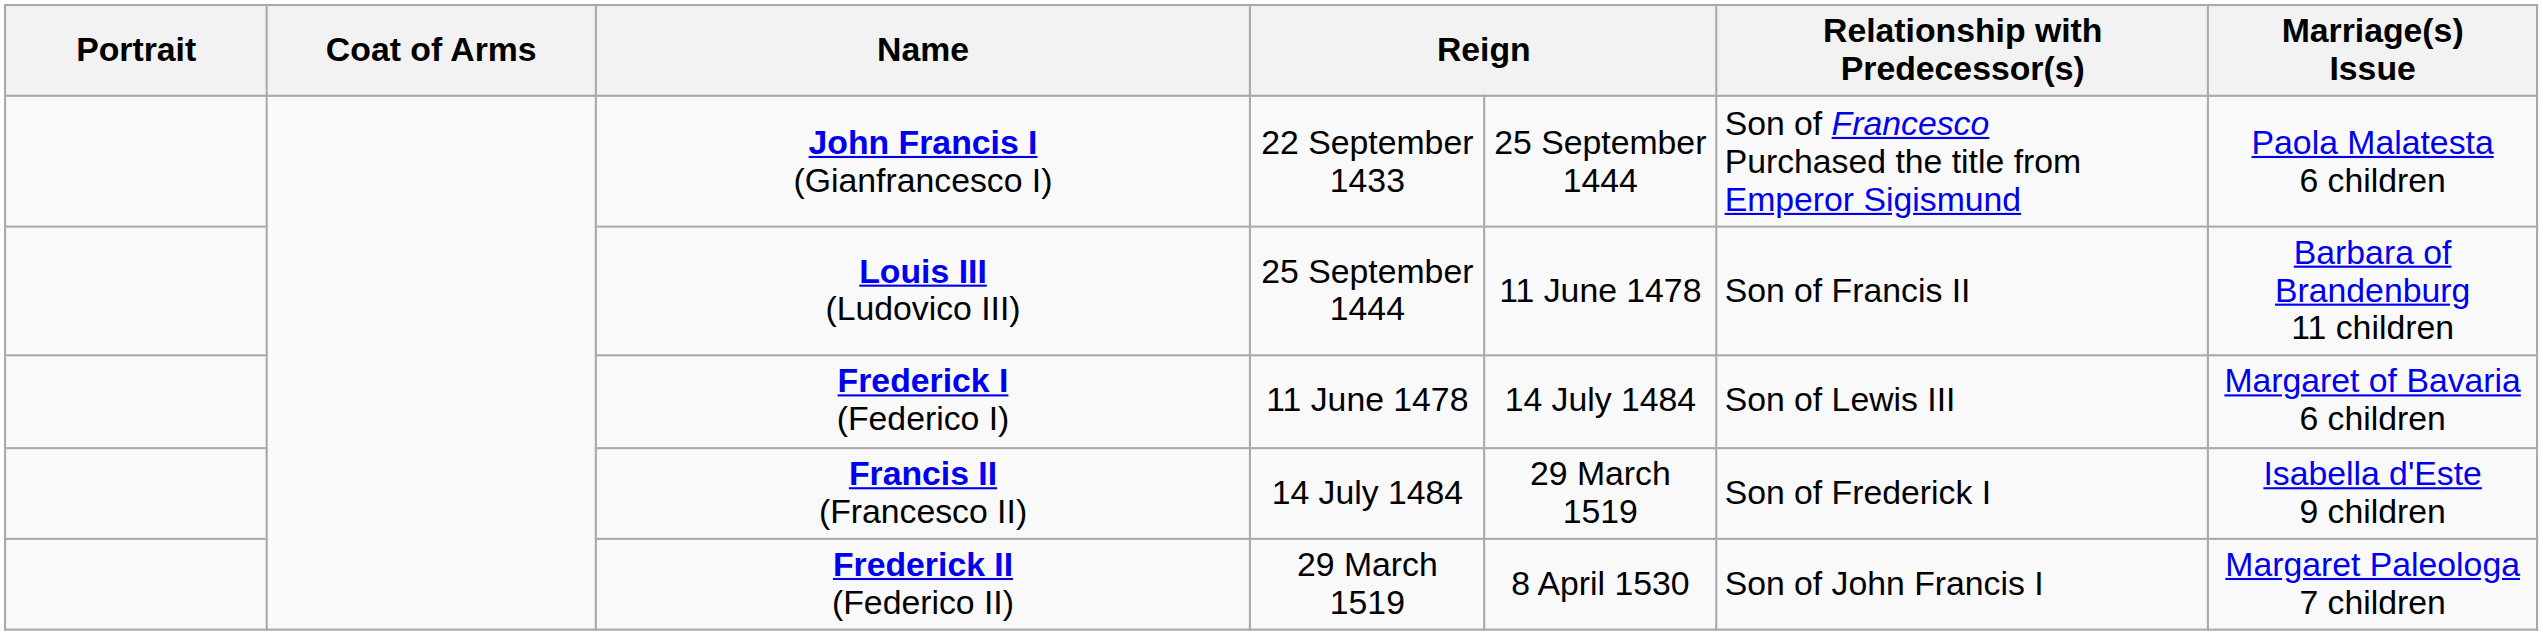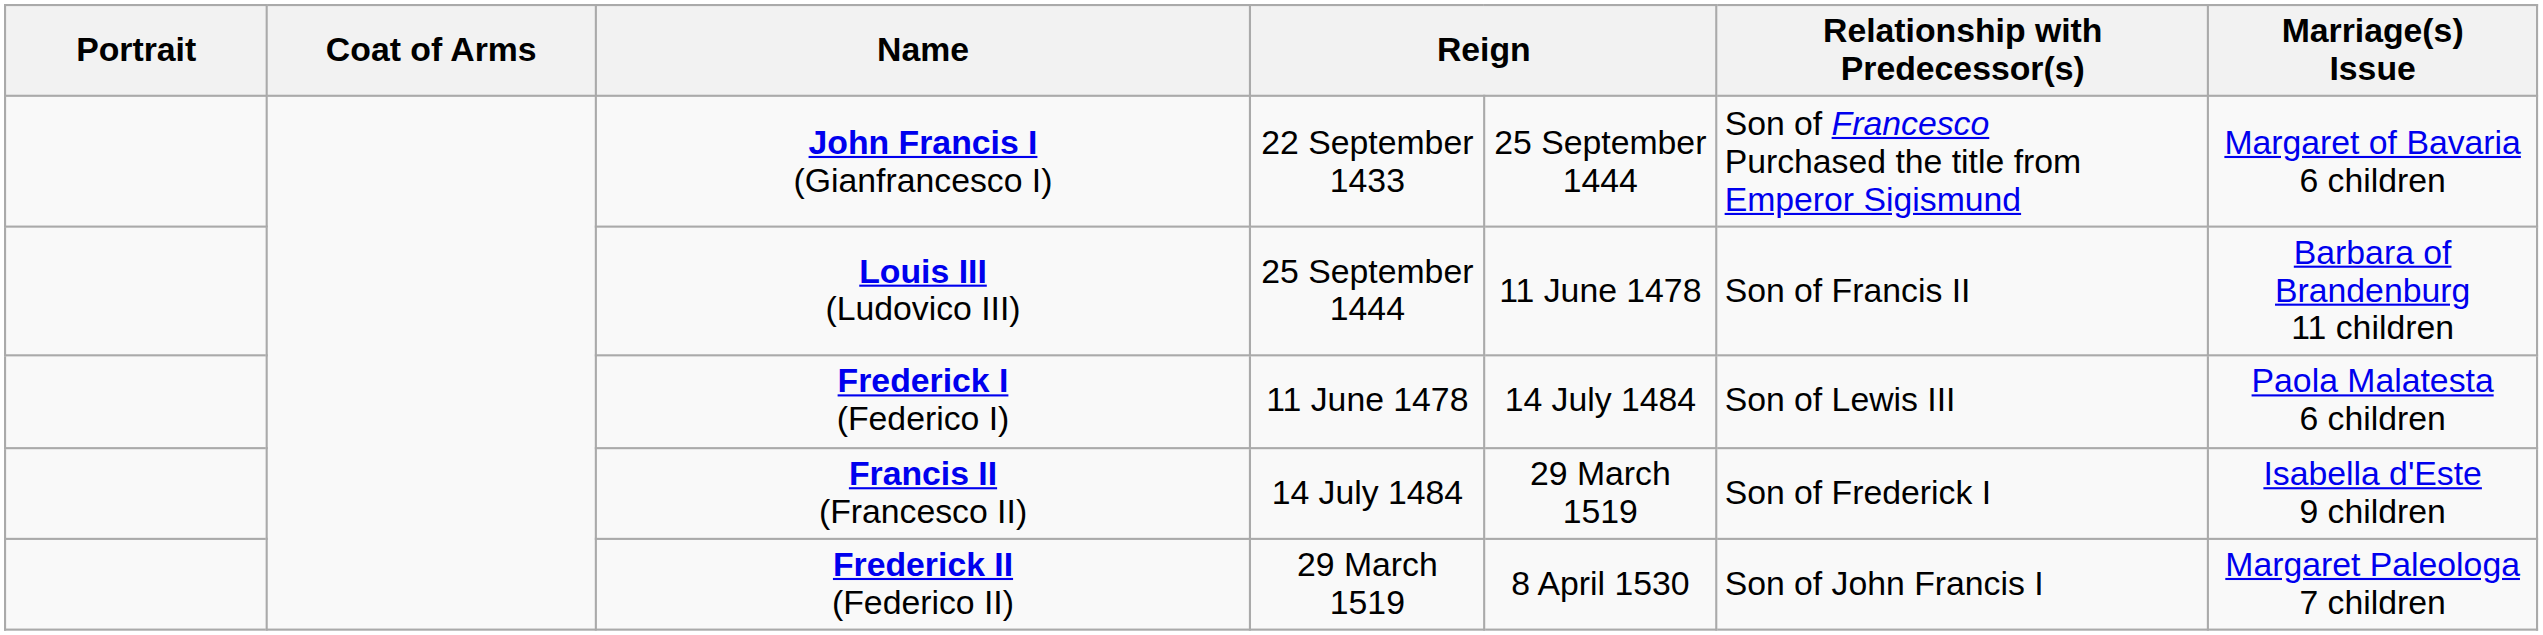 <table width=95% class="wikitable">
 <tr>
 <th width=8%>Portrait</th>
 <th width=10%>Coat of Arms</th>
 <th width=20%>Name</th>
 <th colspan=2 width=14%>Reign</th>
 <th width=15%>Relationship with Predecessor(s)</th>
 <th width=10%>Marriage(s)<br>Issue</th>
 </tr>
 <tr>
 <td align="center"></td>
 <td rowspan=5 align="center"></td>
 <td align="center"><strong><a href='#'>John Francis I</a></strong><br>(Gianfrancesco I)</td>
 <td align="center">22 September 1433</td>
 <td align="center">25 September 1444</td>
 <td>Son of <em><a href='#'>Francesco</a></em><br>Purchased the title from <a href='#'>Emperor Sigismund</a></td>
-<td align="center"><a href='#'>Paola Malatesta</a><br>6 children</td>
+<td align="center"><a href='#'>Margaret of Bavaria</a><br>6 children</td>
 </tr>
 <tr>
 <td align="center"></td>
 <td align="center"><strong><a href='#'>Louis III</a></strong><br>(Ludovico III)</td>
 <td align="center">25 September 1444</td>
 <td align="center">11 June 1478</td>
 <td>Son of Francis II</td>
 <td align="center"><a href='#'>Barbara of Brandenburg</a><br>11 children</td>
 </tr>
 <tr>
 <td align="center"></td>
 <td align="center"><strong><a href='#'>Frederick I</a></strong><br>(Federico I)</td>
 <td align="center">11 June 1478</td>
 <td align="center">14 July 1484</td>
 <td>Son of Lewis III</td>
-<td align="center"><a href='#'>Margaret of Bavaria</a><br>6 children</td>
+<td align="center"><a href='#'>Paola Malatesta</a><br>6 children</td>
 </tr>
 <tr>
 <td align="center"></td>
 <td align="center"><strong><a href='#'>Francis II</a></strong><br>(Francesco II)</td>
 <td align="center">14 July 1484</td>
 <td align="center">29 March 1519</td>
 <td>Son of Frederick I</td>
 <td align="center"><a href='#'>Isabella d'Este</a><br>9 children</td>
 </tr>
 <tr>
 <td align="center"></td>
 <td align="center"><strong><a href='#'>Frederick II</a></strong><br>(Federico II)</td>
 <td align="center">29 March 1519</td>
 <td align="center">8 April 1530</td>
 <td>Son of John Francis I</td>
 <td align="center"><a href='#'>Margaret Paleologa</a><br>7 children</td>
 </tr>
 </table>
